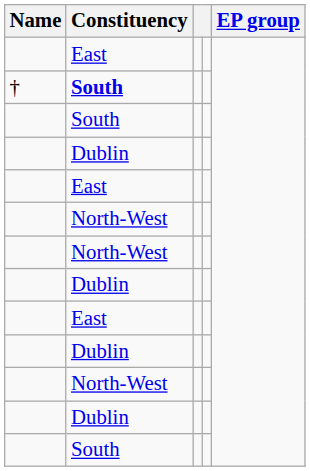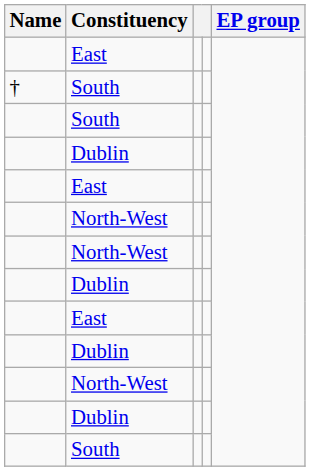 <table class="wikitable sortable">
 <tr>
 <th>Name</th>
 <th>Constituency</th>
 <th colspan=2></th>
 <th colspan=2><a href='#'>EP group</a></th>
 </tr>
 <tr>
 <td></td>
 <td><a href='#'>East</a></td>
 <td></td>
 <td></td>
 </tr>
 <tr>
 <td>†</td>
-<td><strong><a href='#'>South</a></strong></td>
+<td><a href='#'>South</a></td>
 <td></td>
 <td></td>
 </tr>
 <tr>
 <td></td>
 <td><a href='#'>South</a></td>
 <td></td>
 <td></td>
 </tr>
 <tr>
 <td></td>
 <td><a href='#'>Dublin</a></td>
 <td></td>
 <td></td>
 </tr>
 <tr>
 <td></td>
 <td><a href='#'>East</a></td>
 <td></td>
 <td></td>
 </tr>
 <tr>
 <td></td>
 <td><a href='#'>North-West</a></td>
 <td></td>
 <td></td>
 </tr>
 <tr>
 <td></td>
 <td><a href='#'>North-West</a></td>
 <td></td>
 <td></td>
 </tr>
 <tr>
 <td></td>
 <td><a href='#'>Dublin</a></td>
 <td></td>
 <td></td>
 </tr>
 <tr>
 <td></td>
 <td><a href='#'>East</a></td>
 <td></td>
 <td></td>
 </tr>
 <tr>
 <td></td>
 <td><a href='#'>Dublin</a></td>
 <td></td>
 <td></td>
 </tr>
 <tr>
 <td></td>
 <td><a href='#'>North-West</a></td>
 <td></td>
 <td></td>
 </tr>
 <tr>
 <td></td>
 <td><a href='#'>Dublin</a></td>
 <td></td>
 <td></td>
 </tr>
 <tr>
 <td></td>
 <td><a href='#'>South</a></td>
 <td></td>
 <td></td>
 </tr>
 </table>
